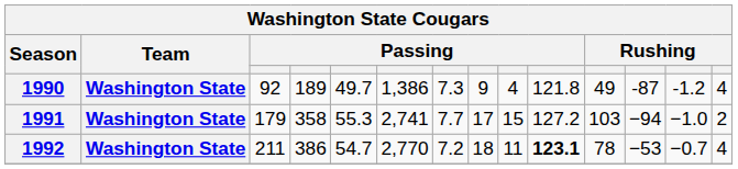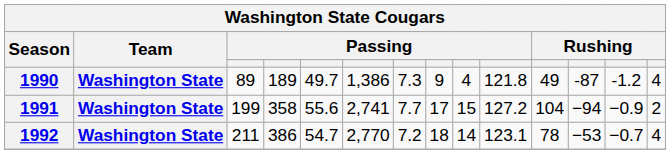 <table class="wikitable" style="text-align:center;">
 <tr>
 <th colspan="16">Washington State Cougars</th>
 </tr>
 <tr>
 <th rowspan="2">Season</th>
 <th rowspan="2">Team</th>
 <th colspan="8">Passing</th>
 <th colspan="4">Rushing</th>
 </tr>
 <tr>
 <th></th>
 <th></th>
 <th></th>
 <th></th>
 <th></th>
 <th></th>
 <th></th>
 <th></th>
 <th></th>
 <th></th>
 <th></th>
 <th></th>
 </tr>
 <tr>
 <th><a href='#'>1990</a></th>
 <th><a href='#'>Washington State</a></th>
-<td>92</td>
+<td>89</td>
 <td>189</td>
 <td>49.7</td>
 <td>1,386</td>
 <td>7.3</td>
 <td>9</td>
 <td>4</td>
 <td>121.8</td>
 <td>49</td>
 <td>-87</td>
 <td>-1.2</td>
 <td>4</td>
 </tr>
 <tr>
 <th><a href='#'>1991</a></th>
 <th><a href='#'>Washington State</a></th>
-<td>179</td>
+<td>199</td>
 <td>358</td>
-<td>55.3</td>
+<td>55.6</td>
 <td>2,741</td>
 <td>7.7</td>
 <td>17</td>
 <td>15</td>
 <td>127.2</td>
-<td>103</td>
+<td>104</td>
 <td>−94</td>
-<td>−1.0</td>
+<td>−0.9</td>
 <td>2</td>
 </tr>
 <tr>
 <th><a href='#'>1992</a></th>
 <th><a href='#'>Washington State</a></th>
 <td>211</td>
 <td>386</td>
 <td>54.7</td>
 <td>2,770</td>
 <td>7.2</td>
 <td>18</td>
-<td>11</td>
-<td><strong>123.1</strong></td>
+<td>14</td>
+<td>123.1</td>
 <td>78</td>
 <td>−53</td>
 <td>−0.7</td>
 <td>4</td>
 </tr>
 <tr>
 </tr>
 </table>
